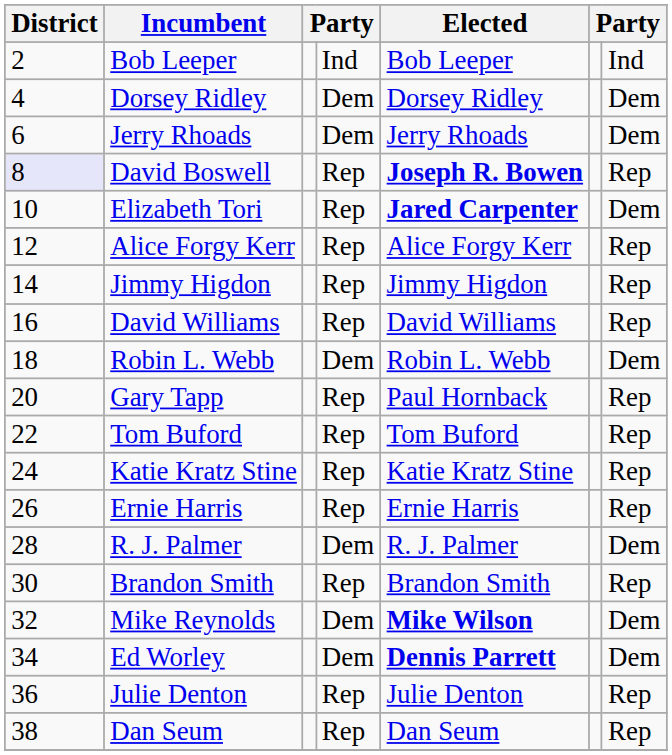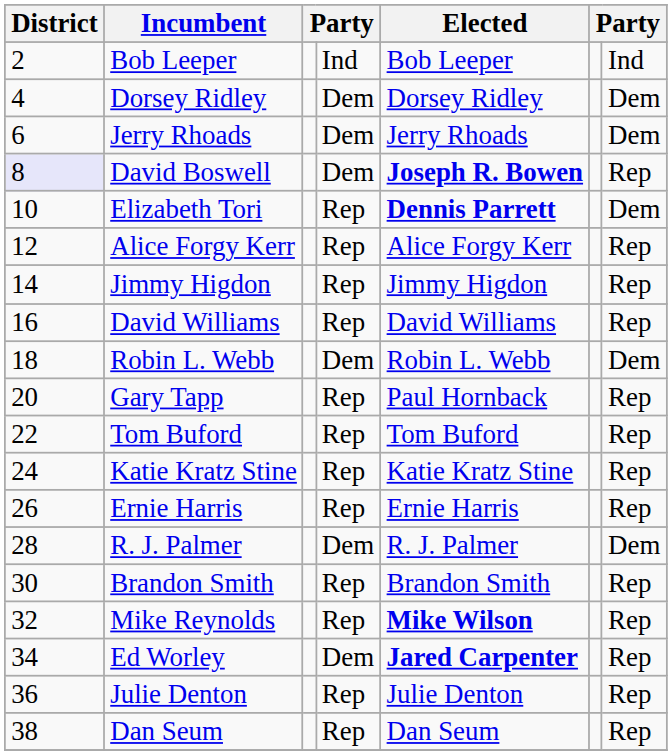 <table class="sortable wikitable" style="font-size:95%;line-height:14px;">
 <tr>
 <th class="unsortable">District</th>
 <th class="unsortable"><a href='#'>Incumbent</a></th>
 <th colspan="2">Party</th>
 <th class="unsortable">Elected</th>
 <th colspan="2">Party</th>
 </tr>
 <tr>
 <td>2</td>
 <td><a href='#'>Bob Leeper</a></td>
 <td style="background:"></td>
 <td>Ind</td>
 <td><a href='#'>Bob Leeper</a></td>
 <td style="background:"></td>
 <td>Ind</td>
 </tr>
 <tr>
 <td>4</td>
 <td><a href='#'>Dorsey Ridley</a></td>
 <td style="background:"></td>
 <td>Dem</td>
 <td><a href='#'>Dorsey Ridley</a></td>
 <td style="background:"></td>
 <td>Dem</td>
 </tr>
 <tr>
 <td>6</td>
 <td><a href='#'>Jerry Rhoads</a></td>
 <td style="background:"></td>
 <td>Dem</td>
 <td><a href='#'>Jerry Rhoads</a></td>
 <td style="background:"></td>
 <td>Dem</td>
 </tr>
 <tr>
 <td style="background: lavender;">8</td>
 <td><a href='#'>David Boswell</a></td>
 <td style="background:"></td>
-<td>Rep</td>
+<td>Dem</td>
 <td><strong><a href='#'>Joseph R. Bowen</a></strong></td>
 <td style="background:"></td>
 <td>Rep</td>
 </tr>
 <tr>
 <td>10</td>
 <td><a href='#'>Elizabeth Tori</a></td>
 <td style="background:"></td>
 <td>Rep</td>
-<td><strong><a href='#'>Jared Carpenter</a></strong></td>
+<td><strong><a href='#'>Dennis Parrett</a></strong></td>
 <td style="background:"></td>
 <td>Dem</td>
 </tr>
 <tr>
 <td>12</td>
 <td><a href='#'>Alice Forgy Kerr</a></td>
 <td style="background:"></td>
 <td>Rep</td>
 <td><a href='#'>Alice Forgy Kerr</a></td>
 <td style="background:"></td>
 <td>Rep</td>
 </tr>
 <tr>
 <td>14</td>
 <td><a href='#'>Jimmy Higdon</a></td>
 <td style="background:"></td>
 <td>Rep</td>
 <td><a href='#'>Jimmy Higdon</a></td>
 <td style="background:"></td>
 <td>Rep</td>
 </tr>
 <tr>
 <td>16</td>
 <td><a href='#'>David Williams</a></td>
 <td style="background:"></td>
 <td>Rep</td>
 <td><a href='#'>David Williams</a></td>
 <td style="background:"></td>
 <td>Rep</td>
 </tr>
 <tr>
 <td>18</td>
 <td><a href='#'>Robin L. Webb</a></td>
 <td style="background:"></td>
 <td>Dem</td>
 <td><a href='#'>Robin L. Webb</a></td>
 <td style="background:"></td>
 <td>Dem</td>
 </tr>
 <tr>
 <td>20</td>
 <td><a href='#'>Gary Tapp</a></td>
 <td style="background:"></td>
 <td>Rep</td>
 <td><a href='#'>Paul Hornback</a></td>
 <td style="background:"></td>
 <td>Rep</td>
 </tr>
 <tr>
 <td>22</td>
 <td><a href='#'>Tom Buford</a></td>
 <td style="background:"></td>
 <td>Rep</td>
 <td><a href='#'>Tom Buford</a></td>
 <td style="background:"></td>
 <td>Rep</td>
 </tr>
 <tr>
 <td>24</td>
 <td><a href='#'>Katie Kratz Stine</a></td>
 <td style="background:"></td>
 <td>Rep</td>
 <td><a href='#'>Katie Kratz Stine</a></td>
 <td style="background:"></td>
 <td>Rep</td>
 </tr>
 <tr>
 <td>26</td>
 <td><a href='#'>Ernie Harris</a></td>
 <td style="background:"></td>
 <td>Rep</td>
 <td><a href='#'>Ernie Harris</a></td>
 <td style="background:"></td>
 <td>Rep</td>
 </tr>
 <tr>
 <td>28</td>
 <td><a href='#'>R. J. Palmer</a></td>
 <td style="background:"></td>
 <td>Dem</td>
 <td><a href='#'>R. J. Palmer</a></td>
 <td style="background:"></td>
 <td>Dem</td>
 </tr>
 <tr>
 <td>30</td>
 <td><a href='#'>Brandon Smith</a></td>
 <td style="background:"></td>
 <td>Rep</td>
 <td><a href='#'>Brandon Smith</a></td>
 <td style="background:"></td>
 <td>Rep</td>
 </tr>
 <tr>
 <td>32</td>
 <td><a href='#'>Mike Reynolds</a></td>
 <td style="background:"></td>
-<td>Dem</td>
+<td>Rep</td>
 <td><strong><a href='#'>Mike Wilson</a></strong></td>
 <td style="background:"></td>
-<td>Dem</td>
+<td>Rep</td>
 </tr>
 <tr>
 <td>34</td>
 <td><a href='#'>Ed Worley</a></td>
 <td style="background:"></td>
 <td>Dem</td>
-<td><strong><a href='#'>Dennis Parrett</a></strong></td>
+<td><strong><a href='#'>Jared Carpenter</a></strong></td>
 <td style="background:"></td>
-<td>Dem</td>
+<td>Rep</td>
 </tr>
 <tr>
 <td>36</td>
 <td><a href='#'>Julie Denton</a></td>
 <td style="background:"></td>
 <td>Rep</td>
 <td><a href='#'>Julie Denton</a></td>
 <td style="background:"></td>
 <td>Rep</td>
 </tr>
 <tr>
 <td>38</td>
 <td><a href='#'>Dan Seum</a></td>
 <td style="background:"></td>
 <td>Rep</td>
 <td><a href='#'>Dan Seum</a></td>
 <td style="background:"></td>
 <td>Rep</td>
 </tr>
 <tr>
 </tr>
 </table>
